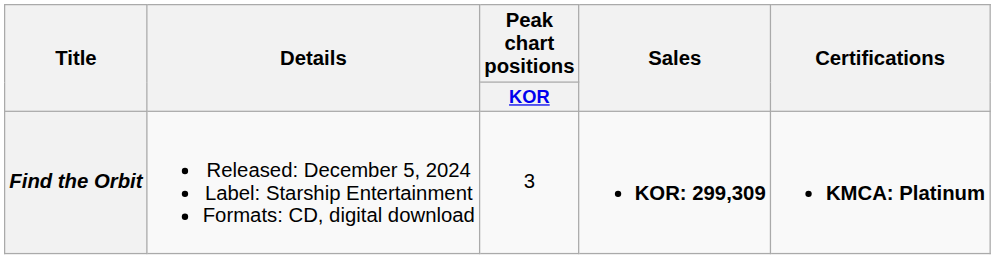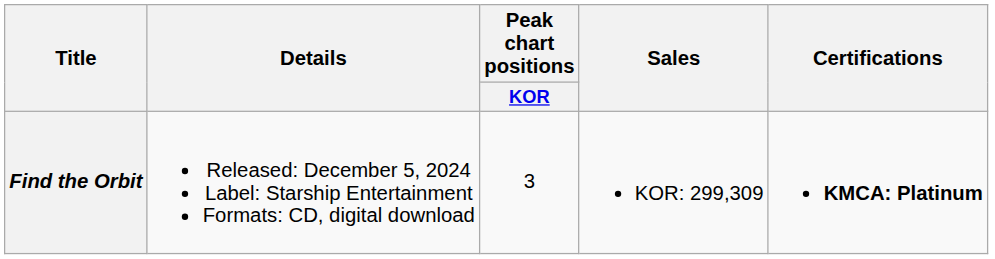 <table class="wikitable plainrowheaders" style="text-align:center">
 <tr>
 <th scope="col" rowspan="2">Title</th>
 <th scope="col" rowspan="2">Details</th>
 <th scope="col">Peak chart positions</th>
 <th scope="col" rowspan="2">Sales</th>
 <th scope="col" rowspan="2">Certifications</th>
 </tr>
 <tr>
 <th scope="col" style="width:3em;font-size:90%"><a href='#'>KOR</a><br></th>
 </tr>
 <tr>
 <th scope="row"><em>Find the Orbit</em></th>
 <td><br><ul><li>Released: December 5, 2024</li><li>Label: Starship Entertainment</li><li>Formats: CD, digital download</li></ul></td>
 <td>3</td>
-<td><strong><br><ul><li>KOR: 299,309</li></ul></strong></td>
+<td><br><ul><li>KOR: 299,309</li></ul></td>
 <td><strong><br><ul><li>KMCA: Platinum</li></ul></strong></td>
 </tr>
 </table>
